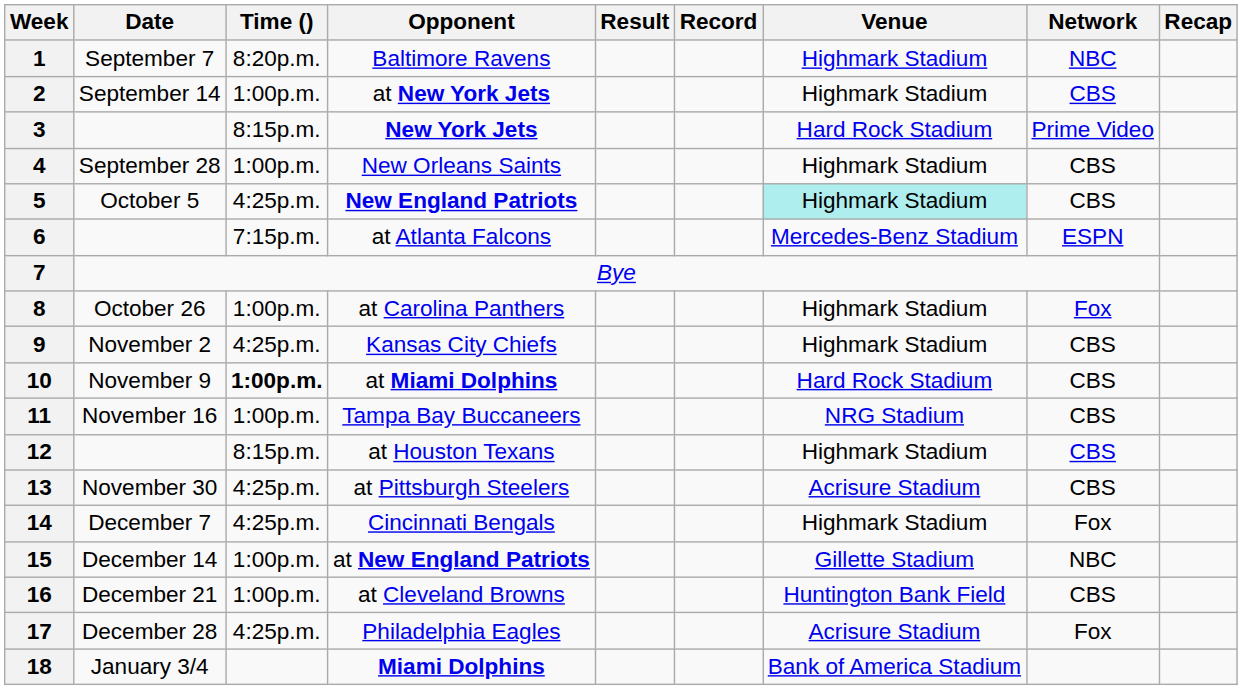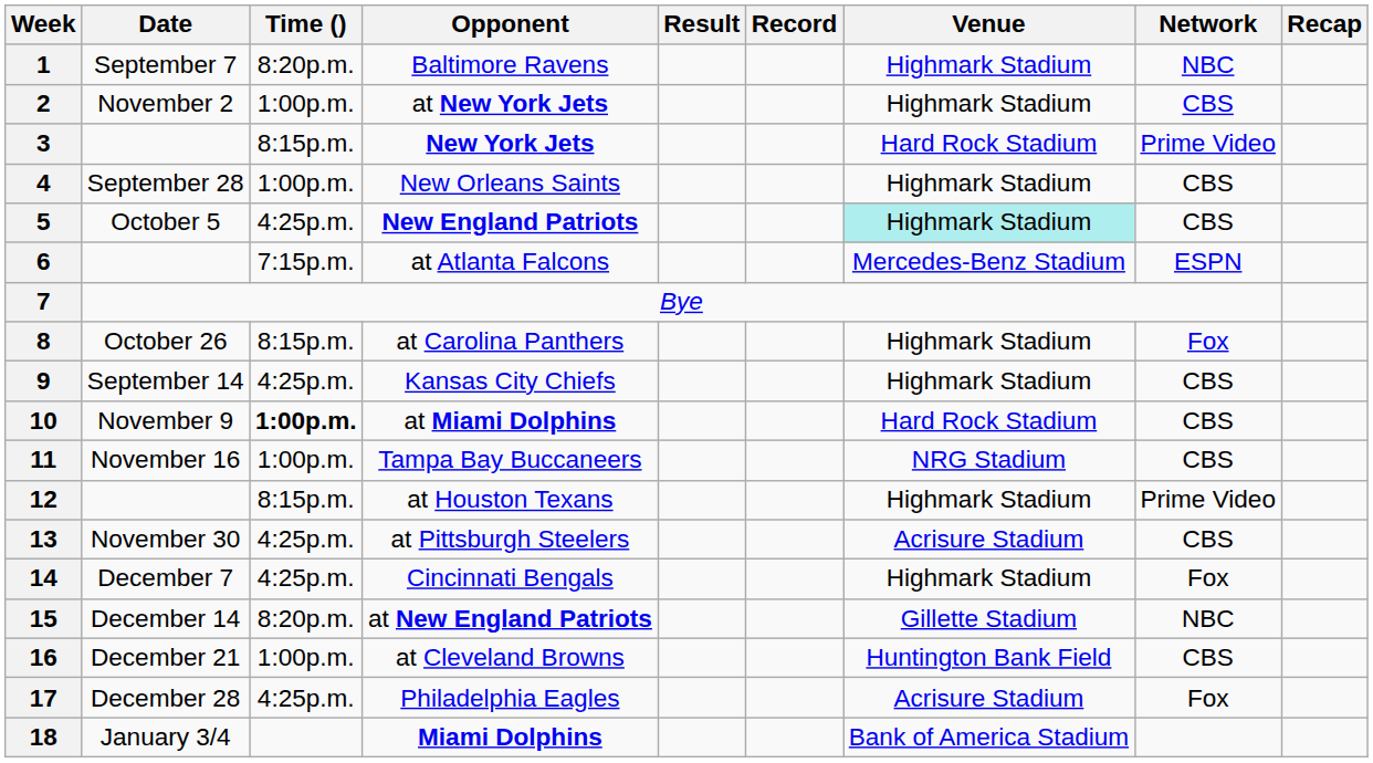 <table class="wikitable" style="text-align:center">
 <tr>
 <th>Week</th>
 <th>Date</th>
 <th>Time (<a href='#'></a>)</th>
 <th>Opponent</th>
 <th>Result</th>
 <th>Record</th>
 <th>Venue</th>
 <th>Network</th>
 <th>Recap</th>
 </tr>
 <tr>
 <th>1 </th>
 <td>September 7</td>
 <td>8:20p.m.</td>
 <td><a href='#'>Baltimore Ravens</a></td>
 <td></td>
 <td></td>
 <td><a href='#'>Highmark Stadium</a></td>
 <td><a href='#'>NBC</a></td>
 <td></td>
 </tr>
 <tr>
 <th>2 </th>
-<td>September 14</td>
+<td>November 2</td>
 <td>1:00p.m.</td>
 <td>at <strong><a href='#'>New York Jets</a></strong></td>
 <td></td>
 <td></td>
 <td>Highmark Stadium</td>
 <td><a href='#'>CBS</a></td>
 <td></td>
 </tr>
 <tr>
 <th>3 </th>
 <td></td>
 <td>8:15p.m.</td>
 <td><strong><a href='#'>New York Jets</a></strong></td>
 <td></td>
 <td></td>
 <td><a href='#'>Hard Rock Stadium</a></td>
 <td><a href='#'>Prime Video</a></td>
 <td></td>
 </tr>
 <tr>
 <th>4 </th>
 <td>September 28</td>
 <td>1:00p.m.</td>
 <td><a href='#'>New Orleans Saints</a></td>
 <td></td>
 <td></td>
 <td>Highmark Stadium</td>
 <td>CBS</td>
 <td></td>
 </tr>
 <tr>
 <th>5 </th>
 <td>October 5</td>
 <td>4:25p.m.</td>
 <td><strong><a href='#'>New England Patriots</a></strong></td>
 <td></td>
 <td></td>
 <td style="background: paleturquoise;">Highmark Stadium</td>
 <td>CBS</td>
 <td></td>
 </tr>
 <tr>
 <th>6 </th>
 <td></td>
 <td>7:15p.m.</td>
 <td>at <a href='#'>Atlanta Falcons</a></td>
 <td></td>
 <td></td>
 <td><a href='#'>Mercedes-Benz Stadium</a></td>
 <td><a href='#'>ESPN</a></td>
 <td></td>
 </tr>
 <tr>
 <th>7</th>
 <td colspan="7"><em><a href='#'>Bye</a></em></td>
 </tr>
 <tr>
 <th>8 </th>
 <td>October 26</td>
-<td>1:00p.m.</td>
+<td>8:15p.m.</td>
 <td>at <a href='#'>Carolina Panthers</a></td>
 <td></td>
 <td></td>
 <td>Highmark Stadium</td>
 <td><a href='#'>Fox</a></td>
 <td></td>
 </tr>
 <tr>
 <th>9 </th>
-<td>November 2</td>
+<td>September 14</td>
 <td>4:25p.m.</td>
 <td><a href='#'>Kansas City Chiefs</a></td>
 <td></td>
 <td></td>
 <td>Highmark Stadium</td>
 <td>CBS</td>
 <td></td>
 </tr>
 <tr>
 <th>10 </th>
 <td>November 9</td>
 <td><strong>1:00p.m.</strong></td>
 <td>at <strong><a href='#'>Miami Dolphins</a></strong></td>
 <td></td>
 <td></td>
 <td><a href='#'>Hard Rock Stadium</a></td>
 <td>CBS</td>
 <td></td>
 </tr>
 <tr>
 <th>11 </th>
 <td>November 16</td>
 <td>1:00p.m.</td>
 <td><a href='#'>Tampa Bay Buccaneers</a></td>
 <td></td>
 <td></td>
 <td><a href='#'>NRG Stadium</a></td>
 <td>CBS</td>
 <td></td>
 </tr>
 <tr>
 <th>12 </th>
 <td></td>
 <td>8:15p.m.</td>
 <td>at <a href='#'>Houston Texans</a></td>
 <td></td>
 <td></td>
 <td>Highmark Stadium</td>
-<td><a href='#'>CBS</a></td>
+<td>Prime Video</td>
 <td></td>
 </tr>
 <tr>
 <th>13 </th>
 <td>November 30</td>
 <td>4:25p.m.</td>
 <td>at <a href='#'>Pittsburgh Steelers</a></td>
 <td></td>
 <td></td>
 <td><a href='#'>Acrisure Stadium</a></td>
 <td>CBS</td>
 <td></td>
 </tr>
 <tr>
 <th>14 </th>
 <td>December 7</td>
 <td>4:25p.m.</td>
 <td><a href='#'>Cincinnati Bengals</a></td>
 <td></td>
 <td></td>
 <td>Highmark Stadium</td>
 <td>Fox</td>
 <td></td>
 </tr>
 <tr>
 <th>15 </th>
 <td>December 14</td>
-<td>1:00p.m.</td>
+<td>8:20p.m.</td>
 <td>at <strong><a href='#'>New England Patriots</a></strong></td>
 <td></td>
 <td></td>
 <td><a href='#'>Gillette Stadium</a></td>
 <td>NBC</td>
 <td></td>
 </tr>
 <tr>
 <th>16 </th>
 <td>December 21</td>
 <td>1:00p.m.</td>
 <td>at <a href='#'>Cleveland Browns</a></td>
 <td></td>
 <td></td>
 <td><a href='#'>Huntington Bank Field</a></td>
 <td>CBS</td>
 <td></td>
 </tr>
 <tr>
 <th>17 </th>
 <td>December 28</td>
 <td>4:25p.m.</td>
 <td><a href='#'>Philadelphia Eagles</a></td>
 <td></td>
 <td></td>
 <td><a href='#'>Acrisure Stadium</a></td>
 <td>Fox</td>
 <td></td>
 </tr>
 <tr>
 <th>18 </th>
 <td>January 3/4</td>
 <td></td>
 <td><strong><a href='#'>Miami Dolphins</a></strong></td>
 <td></td>
 <td></td>
 <td><a href='#'>Bank of America Stadium</a></td>
 <td></td>
 <td></td>
 </tr>
 </table>
